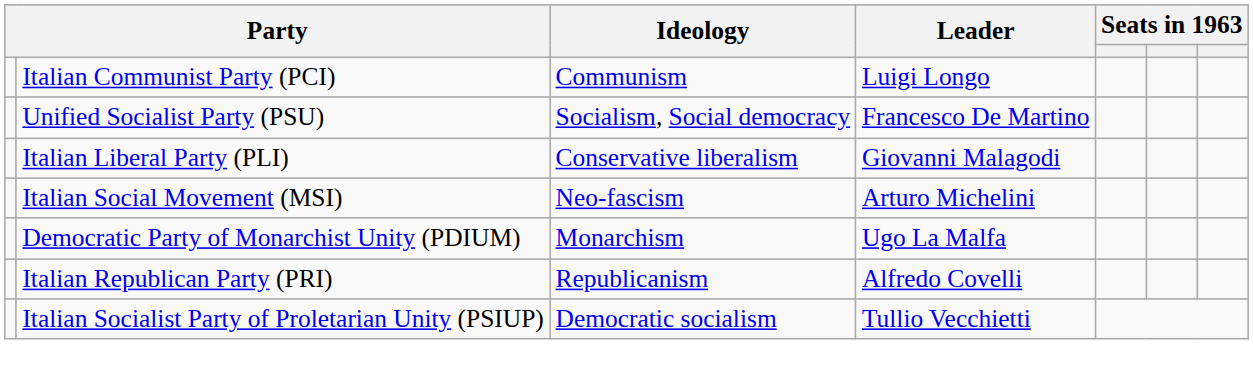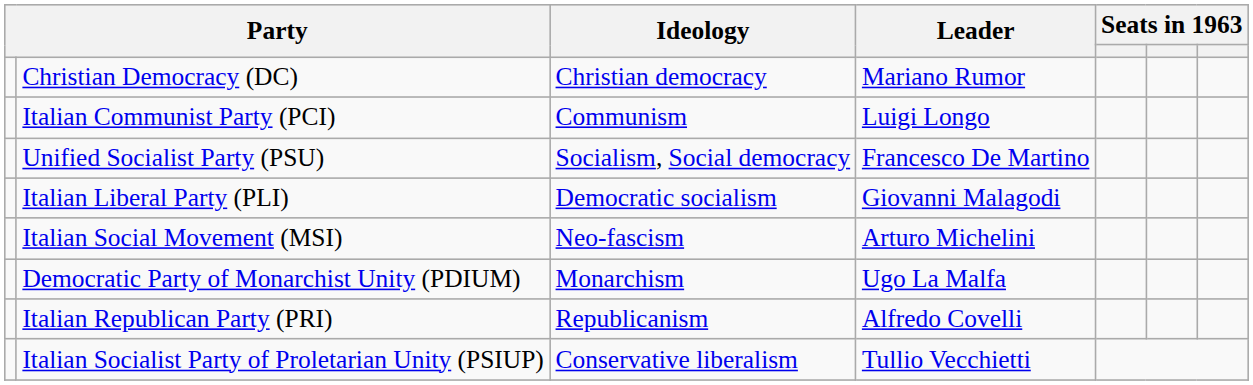 <table class=wikitable style="text-align:left">
 <tr>
 <th colspan=2  rowspan="2">Party</th>
 <th rowspan="2">Ideology</th>
 <th rowspan="2">Leader</th>
 <th colspan="3">Seats in 1963</th>
 </tr>
 <tr>
 <th></th>
 <th></th>
 <th></th>
+</tr>
+<tr>
+<td></td>
+<td><a href='#'>Christian Democracy</a> (DC)</td>
+<td><a href='#'>Christian democracy</a></td>
+<td><a href='#'>Mariano Rumor</a></td>
+<td></td>
+<td></td>
+<td></td>
 </tr>
 <tr>
 <td></td>
 <td><a href='#'>Italian Communist Party</a> (PCI)</td>
 <td><a href='#'>Communism</a></td>
 <td><a href='#'>Luigi Longo</a></td>
 <td></td>
 <td></td>
 <td></td>
 </tr>
 <tr>
 <td></td>
 <td><a href='#'>Unified Socialist Party</a> (PSU)</td>
 <td><a href='#'>Socialism</a>, <a href='#'>Social democracy</a></td>
 <td><a href='#'>Francesco De Martino</a></td>
 <td></td>
 <td></td>
 <td></td>
 </tr>
 <tr>
 <td></td>
 <td><a href='#'>Italian Liberal Party</a> (PLI)</td>
-<td><a href='#'>Conservative liberalism</a></td>
+<td><a href='#'>Democratic socialism</a></td>
 <td><a href='#'>Giovanni Malagodi</a></td>
 <td></td>
 <td></td>
 <td></td>
 </tr>
 <tr>
 <td></td>
 <td><a href='#'>Italian Social Movement</a> (MSI)</td>
 <td><a href='#'>Neo-fascism</a></td>
 <td><a href='#'>Arturo Michelini</a></td>
 <td></td>
 <td></td>
 <td></td>
 </tr>
 <tr>
 <td></td>
 <td><a href='#'>Democratic Party of Monarchist Unity</a> (PDIUM)</td>
 <td><a href='#'>Monarchism</a></td>
 <td><a href='#'>Ugo La Malfa</a></td>
 <td></td>
 <td></td>
 <td></td>
 </tr>
 <tr>
 <td></td>
 <td><a href='#'>Italian Republican Party</a> (PRI)</td>
 <td><a href='#'>Republicanism</a></td>
 <td><a href='#'>Alfredo Covelli</a></td>
 <td></td>
 <td></td>
 <td></td>
 </tr>
 <tr>
 <td></td>
 <td><a href='#'>Italian Socialist Party of Proletarian Unity</a> (PSIUP)</td>
-<td><a href='#'>Democratic socialism</a></td>
+<td><a href='#'>Conservative liberalism</a></td>
 <td><a href='#'>Tullio Vecchietti</a></td>
 <td colspan=3></td>
 </tr>
 </table>
